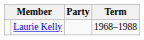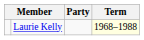 <table class="wikitable">
 <tr>
 <th colspan="2">Member</th>
 <th>Party</th>
 <th>Term</th>
 </tr>
 <tr>
 <td> </td>
 <td><a href='#'>Laurie Kelly</a></td>
 <td></td>
-<td>1968–1988</td>
+<td style="background: lightyellow;">1968–1988</td>
 </tr>
 </table>
